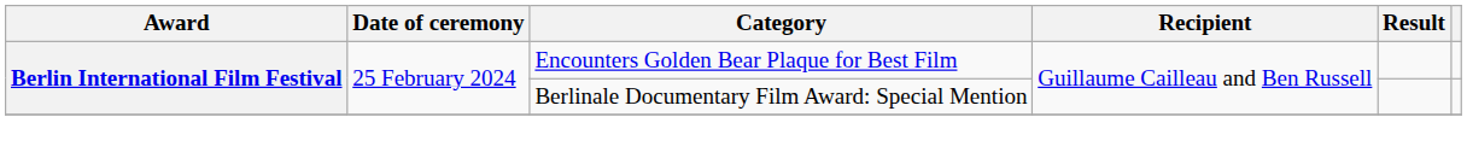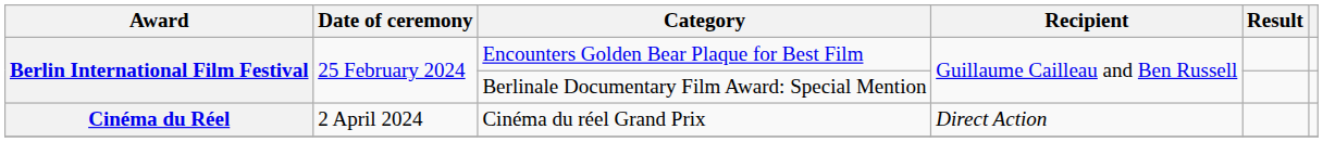 <table class="wikitable sortable plainrowheaders">
 <tr>
 <th>Award</th>
 <th>Date of ceremony</th>
 <th>Category</th>
 <th>Recipient</th>
 <th>Result</th>
 <th></th>
 </tr>
 <tr>
 <th scope="row" rowspan="2"><a href='#'>Berlin International Film Festival</a></th>
 <td rowspan="2"><a href='#'>25 February 2024</a></td>
 <td><a href='#'>Encounters Golden Bear Plaque for Best Film</a></td>
 <td rowspan="2"><a href='#'>Guillaume Cailleau</a> and <a href='#'>Ben Russell</a></td>
 <td></td>
 <td align="center" rowspan="1"></td>
 </tr>
 <tr>
 <td>Berlinale Documentary Film Award: Special Mention</td>
 <td></td>
 <td align="center"></td>
 </tr>
 <tr>
+<th scope="row" rowspan="1"><a href='#'>Cinéma du Réel</a></th>
+<td>2 April 2024</td>
+<td>Cinéma du réel Grand Prix</td>
+<td><em>Direct Action</em></td>
+<td></td>
+<td align="center" rowspan="1"></td>
+</tr>
+<tr>
 </tr>
 </table>
